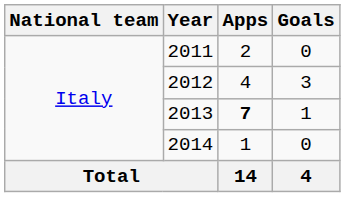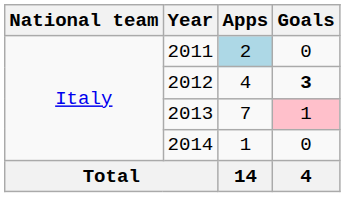 <table class="wikitable" style="text-align:center">
 <tr>
 <th>National team</th>
 <th>Year</th>
 <th>Apps</th>
 <th>Goals</th>
 </tr>
 <tr>
 <td rowspan="4"><a href='#'>Italy</a></td>
 <td>2011</td>
-<td>2</td>
+<td style="background: lightblue;">2</td>
 <td>0</td>
 </tr>
 <tr>
 <td>2012</td>
 <td>4</td>
-<td>3</td>
+<td><strong>3</strong></td>
 </tr>
 <tr>
 <td>2013</td>
-<td><strong>7</strong></td>
-<td>1</td>
+<td>7</td>
+<td style="background: pink;">1</td>
 </tr>
 <tr>
 <td>2014</td>
 <td>1</td>
 <td>0</td>
 </tr>
 <tr>
 <th colspan="2">Total</th>
 <th>14</th>
 <th>4</th>
 </tr>
 </table>
